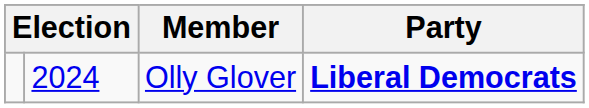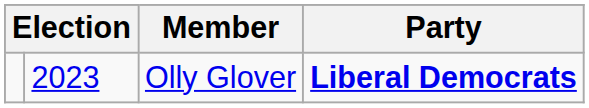 <table class="wikitable">
 <tr>
 <th colspan="2">Election</th>
 <th>Member</th>
 <th>Party</th>
 </tr>
 <tr>
 <td style="color:inherit;background-color: "></td>
-<td><a href='#'>2024</a></td>
+<td><a href='#'>2023</a></td>
 <td><a href='#'>Olly Glover</a></td>
 <td><strong><a href='#'>Liberal Democrats</a></strong></td>
 </tr>
 </table>
